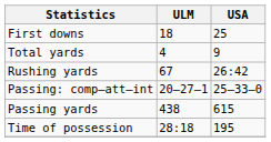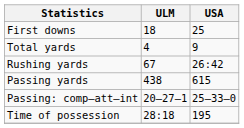 <table class="wikitable" style="float: left;">
 <tr>
 <th>Statistics</th>
 <th>ULM</th>
 <th>USA</th>
 </tr>
 <tr>
 <td>First downs</td>
 <td>18</td>
 <td>25</td>
 </tr>
 <tr>
 <td>Total yards</td>
 <td>4</td>
 <td>9</td>
 </tr>
 <tr>
 <td>Rushing yards</td>
 <td>67</td>
 <td>26:42</td>
 </tr>
 <tr>
+<td>Passing yards</td>
+<td>438</td>
+<td>615</td>
+</tr>
+<tr>
 <td>Passing: comp–att–int</td>
 <td>20–27–1</td>
 <td>25–33–0</td>
-</tr>
-<tr>
-<td>Passing yards</td>
-<td>438</td>
-<td>615</td>
 </tr>
 <tr>
 <td>Time of possession</td>
 <td>28:18</td>
 <td>195</td>
 </tr>
 <tr>
 </tr>
 </table>
